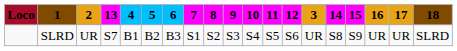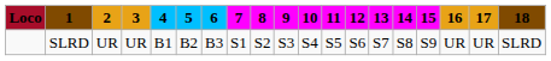 <table class="wikitable plainrowheaders unsortable" style="text-align:center">
 <tr>
 <th scope="col" rowspan="1" style="background:#a70d2a;"><span> Loco</span></th>
 <th scope="col" rowspan="1" style="background:#804a00;"><span> 1</span></th>
 <th scope="col" rowspan="1" style="background:#e8a317;"><span> 2</span></th>
-<th scope="col" rowspan="1" style="background:#ff00ff;"><span> 13</span></th>
+<th scope="col" rowspan="1" style="background:#e8a317;"><span> 3</span></th>
 <th scope="col" rowspan="1" style="background:#00bfff;"><span> 4</span></th>
 <th scope="col" rowspan="1" style="background:#00bfff;"><span> 5</span></th>
 <th scope="col" rowspan="1" style="background:#00bfff;"><span> 6</span></th>
 <th scope="col" rowspan="1" style="background:#ff00ff;"><span> 7</span></th>
 <th scope="col" rowspan="1" style="background:#ff00ff;"><span> 8</span></th>
 <th scope="col" rowspan="1" style="background:#ff00ff;"><span> 9</span></th>
 <th scope="col" rowspan="1" style="background:#ff00ff;"><span> 10</span></th>
 <th scope="col" rowspan="1" style="background:#ff00ff;"><span> 11</span></th>
 <th scope="col" rowspan="1" style="background:#ff00ff;"><span> 12</span></th>
-<th scope="col" rowspan="1" style="background:#e8a317;"><span> 3</span></th>
+<th scope="col" rowspan="1" style="background:#ff00ff;"><span> 13</span></th>
 <th scope="col" rowspan="1" style="background:#ff00ff;"><span> 14</span></th>
 <th scope="col" rowspan="1" style="background:#ff00ff;"><span> 15</span></th>
 <th scope="col" rowspan="1" style="background:#e8a317;"><span> 16</span></th>
 <th scope="col" rowspan="1" style="background:#e8a317;"><span> 17</span></th>
 <th scope="col" rowspan="1" style="background:#804a00;"><span> 18</span></th>
 </tr>
 <tr>
 <td></td>
 <td><span> SLRD</span></td>
 <td><span>UR</span></td>
-<td><span>S7</span></td>
+<td><span>UR</span></td>
 <td><span>B1</span></td>
 <td><span>B2</span></td>
 <td><span>B3</span></td>
 <td><span>S1</span></td>
 <td><span>S2</span></td>
 <td><span>S3</span></td>
 <td><span>S4</span></td>
 <td><span>S5</span></td>
 <td><span>S6</span></td>
-<td><span>UR</span></td>
+<td><span>S7</span></td>
 <td><span>S8</span></td>
 <td><span>S9</span></td>
 <td><span>UR</span></td>
 <td><span>UR</span></td>
 <td><span>SLRD</span></td>
 </tr>
 </table>
